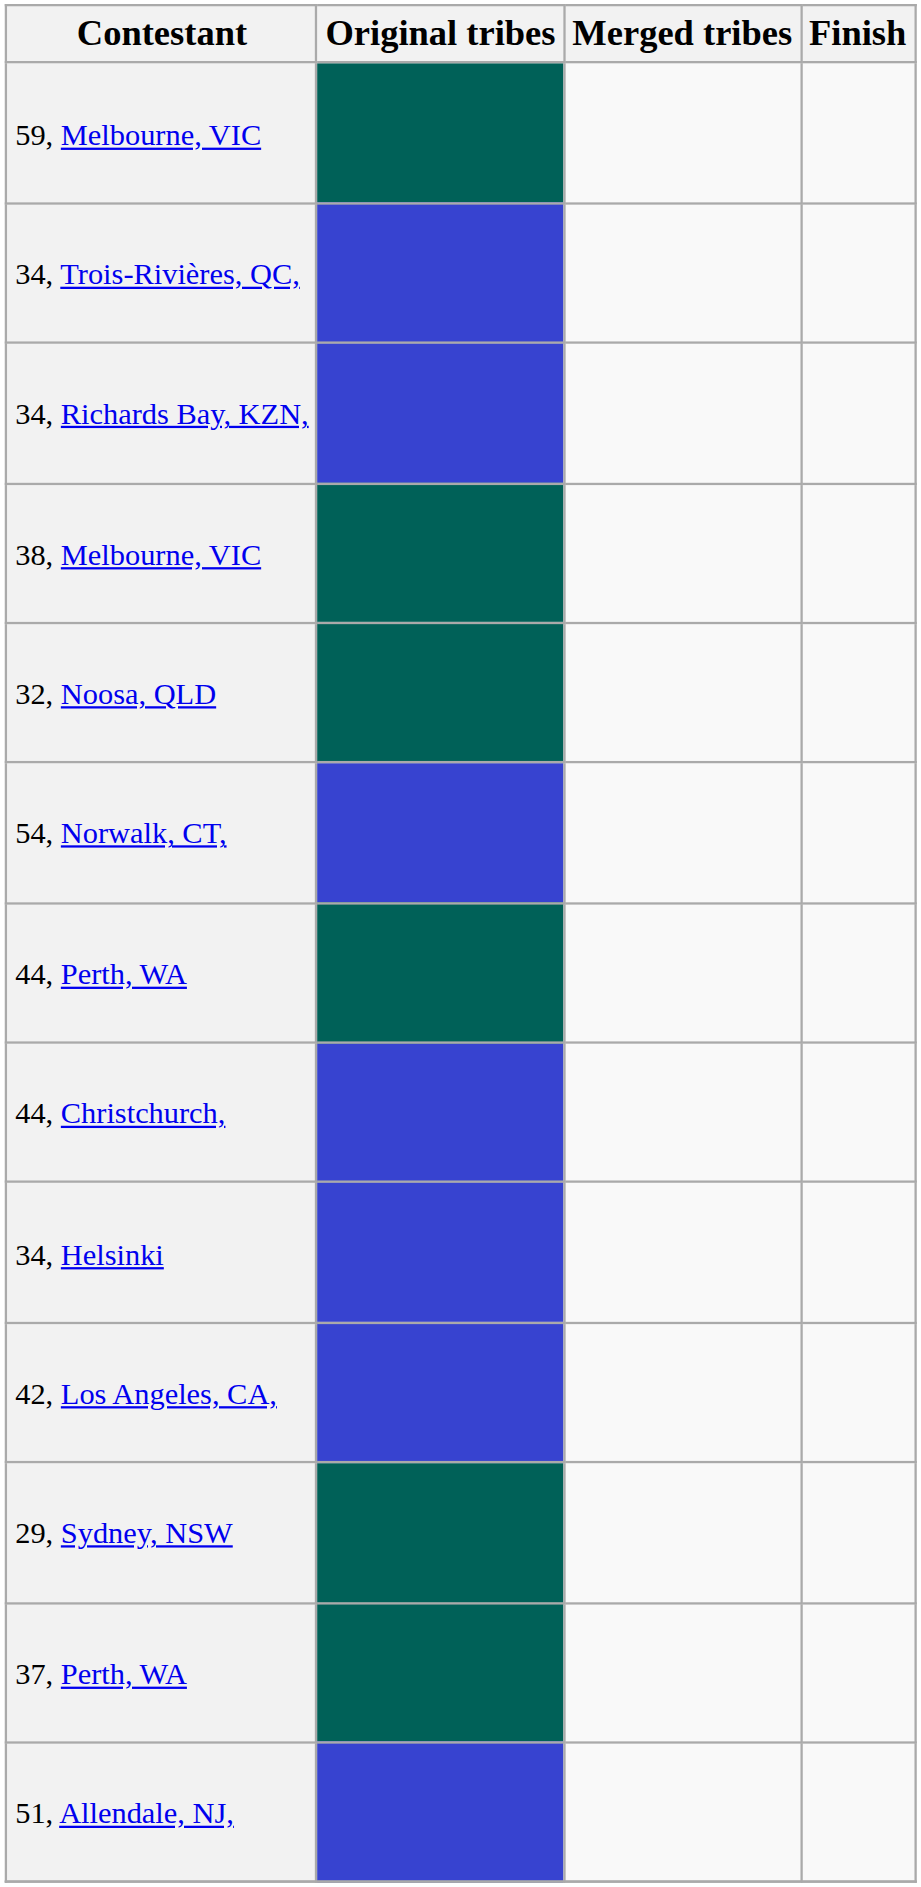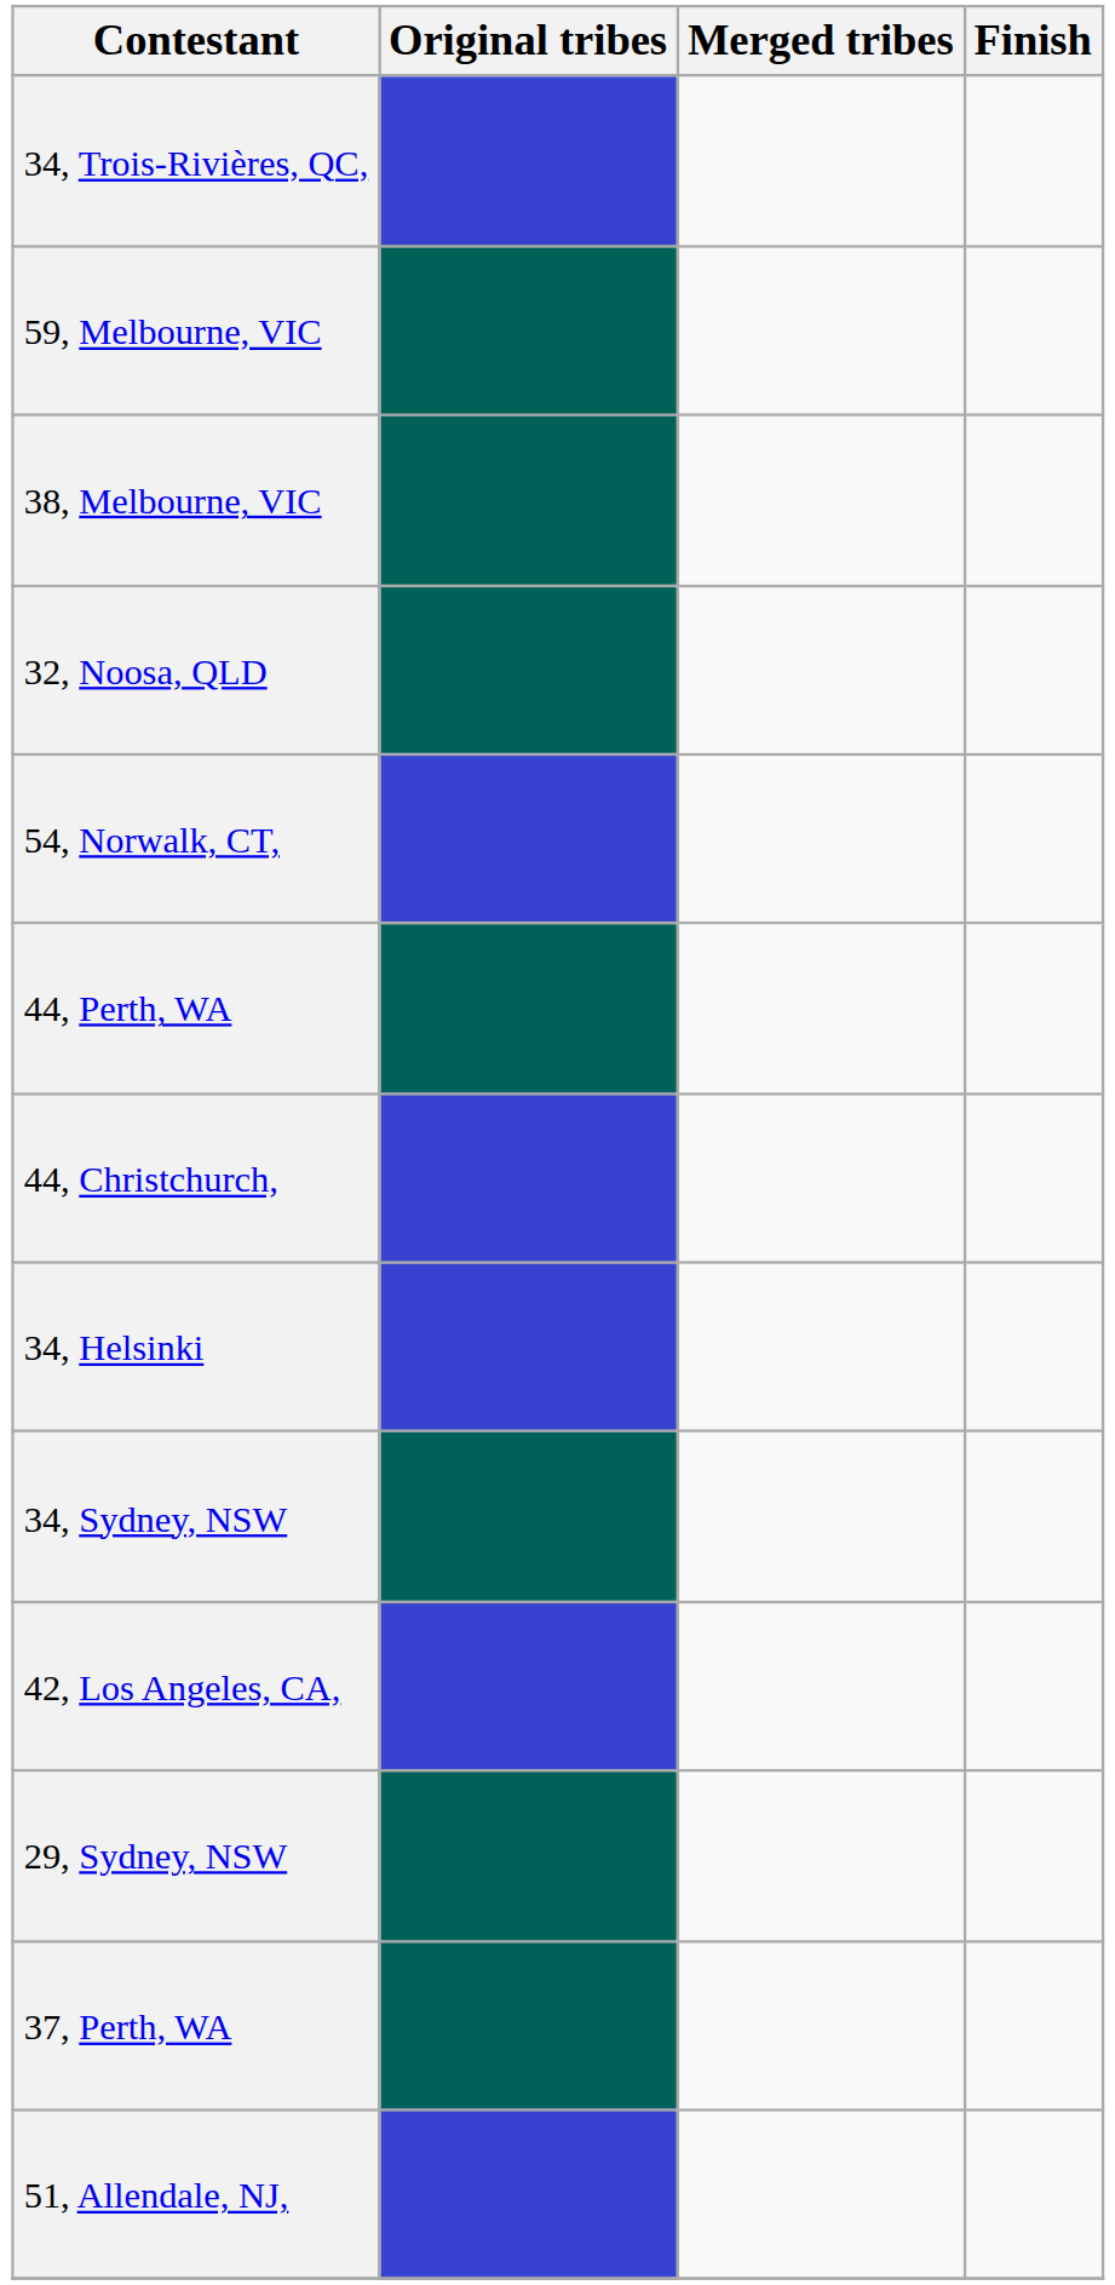 <table class="wikitable sortable" style="margin:auto; text-align:center;">
 <tr>
 <th>Contestant</th>
 <th>Original tribes</th>
 <th>Merged tribes</th>
 <th>Finish</th>
 </tr>
 <tr>
-<th scope="row" style="text-align:left;font-weight:normal"><strong></strong><br><small>59, <a href='#'>Melbourne, VIC</a><br></small><br></th>
-<td style="background:#006158"></td>
-<td></td>
-<td></td>
-</tr>
-<tr>
 <th scope="row" style="text-align:left;font-weight:normal"><strong></strong><br><small>34, <a href='#'>Trois-Rivières, QC,</a><br></small><br></th>
 <td style="background:#3743D0"></td>
 <td></td>
 <td></td>
 </tr>
 <tr>
-<th scope="row" style="text-align:left;font-weight:normal"><strong></strong><br><small>34, <a href='#'>Richards Bay, KZN,</a><br></small><br></th>
-<td style="background:#3743D0"></td>
+<th scope="row" style="text-align:left;font-weight:normal"><strong></strong><br><small>59, <a href='#'>Melbourne, VIC</a><br></small><br></th>
+<td style="background:#006158"></td>
 <td></td>
 <td></td>
 </tr>
 <tr>
 <th scope="row" style="text-align:left;font-weight:normal"><strong></strong><br><small>38, <a href='#'>Melbourne, VIC</a><br></small><br></th>
 <td style="background:#006158"></td>
 <td></td>
 <td></td>
 </tr>
 <tr>
 <th scope="row" style="text-align:left;font-weight:normal"><strong></strong><br><small>32, <a href='#'>Noosa, QLD</a><br></small><br></th>
 <td style="background:#006158"></td>
 <td></td>
 <td></td>
 </tr>
 <tr>
 <th scope="row" style="text-align:left;font-weight:normal"><strong></strong><br><small>54, <a href='#'>Norwalk, CT,</a><br></small><br></th>
 <td style="background:#3743D0"></td>
 <td></td>
 <td></td>
 </tr>
 <tr>
 <th scope="row" style="text-align:left;font-weight:normal"><strong></strong><br><small>44, <a href='#'>Perth, WA</a><br></small><br></th>
 <td style="background:#006158"></td>
 <td></td>
 <td></td>
 </tr>
 <tr>
 <th scope="row" style="text-align:left;font-weight:normal"><strong></strong><br><small>44, <a href='#'>Christchurch,</a><br></small><br></th>
 <td style="background:#3743D0"></td>
 <td></td>
 <td></td>
 </tr>
 <tr>
 <th scope="row" style="text-align:left;font-weight:normal"><strong></strong><br><small>34, <a href='#'>Helsinki</a><br></small><br></th>
 <td style="background:#3743D0"></td>
 <td></td>
 <td></td>
 </tr>
 <tr>
+<th scope="row" style="text-align:left;font-weight:normal"><strong></strong><br><small>34, <a href='#'>Sydney, NSW</a><br></small><br></th>
+<td style="background:#006158"></td>
+<td></td>
+<td></td>
+</tr>
+<tr>
 <th scope="row" style="text-align:left;font-weight:normal"><strong></strong><br><small>42, <a href='#'>Los Angeles, CA,</a><br></small><br></th>
 <td style="background:#3743D0"></td>
 <td></td>
 <td></td>
 </tr>
 <tr>
 <th scope="row" style="text-align:left;font-weight:normal"><strong></strong><br><small>29, <a href='#'>Sydney, NSW</a><br></small><br></th>
 <td style="background:#006158"></td>
 <td></td>
 <td></td>
 </tr>
 <tr>
 <th scope="row" style="text-align:left;font-weight:normal"><strong></strong><br><small>37, <a href='#'>Perth, WA</a><br></small><br></th>
 <td style="background:#006158"></td>
 <td></td>
 <td></td>
 </tr>
 <tr>
 <th scope="row" style="text-align:left;font-weight:normal"><strong></strong><br><small>51, <a href='#'>Allendale, NJ,</a><br></small><br></th>
 <td style="background:#3743D0"></td>
 <td></td>
 <td></td>
 </tr>
 <tr>
 </tr>
 </table>
